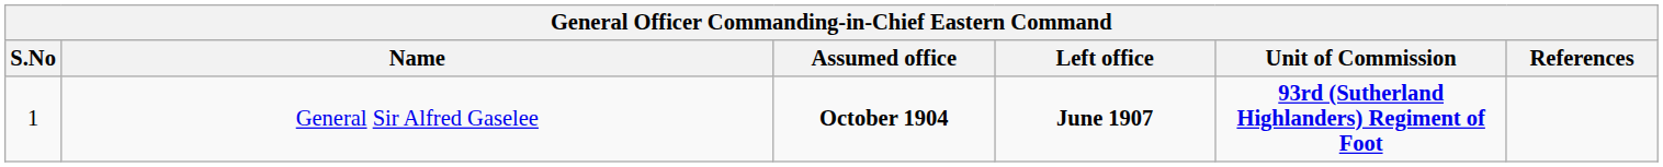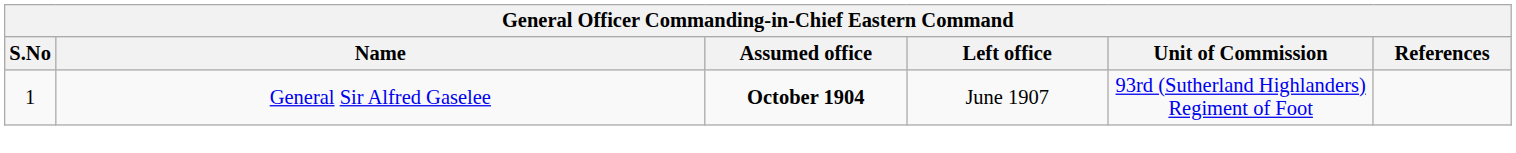 <table class="wikitable sortable" style="text-align:center">
 <tr>
 <th colspan="6"><strong>General Officer Commanding-in-Chief Eastern Command</strong></th>
 </tr>
 <tr style="background:#cccccc">
 <th scope="col" style="width: 20px;">S.No</th>
 <th scope="col" style="width: 500px;">Name</th>
 <th scope="col" style="width: 150px;">Assumed office</th>
 <th scope="col" style="width: 150px;">Left office</th>
 <th scope="col" style="width: 200px;">Unit of Commission</th>
 <th scope="col" style="width: 100px;">References</th>
 </tr>
 <tr>
 <td>1</td>
 <td><a href='#'>General</a> <a href='#'>Sir Alfred Gaselee</a> </td>
 <td><strong>October 1904</strong></td>
-<td><strong>June 1907</strong></td>
-<td><strong><a href='#'>93rd (Sutherland Highlanders) Regiment of Foot</a></strong></td>
+<td>June 1907</td>
+<td><a href='#'>93rd (Sutherland Highlanders) Regiment of Foot</a></td>
 <td></td>
 </tr>
 </table>
